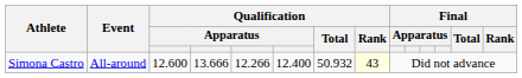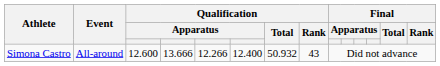 <table class="wikitable" style="font-size:90%">
 <tr>
 <th rowspan=3>Athlete</th>
 <th rowspan=3>Event</th>
 <th colspan =6>Qualification</th>
 <th colspan =6>Final</th>
 </tr>
 <tr style="font-size:95%">
 <th colspan=4>Apparatus</th>
 <th rowspan=2>Total</th>
 <th rowspan=2>Rank</th>
 <th colspan=4>Apparatus</th>
 <th rowspan=2>Total</th>
 <th rowspan=2>Rank</th>
 </tr>
 <tr style="font-size:95%">
 <th></th>
 <th></th>
 <th></th>
 <th></th>
 <th></th>
 <th></th>
 <th></th>
 <th></th>
 </tr>
 <tr align=center>
 <td align=left><a href='#'>Simona Castro</a></td>
 <td align=left><a href='#'>All-around</a></td>
 <td>12.600</td>
 <td>13.666</td>
 <td>12.266</td>
 <td>12.400</td>
 <td>50.932</td>
-<td style="background: lightyellow;">43</td>
+<td>43</td>
 <td colspan=6>Did not advance</td>
 </tr>
 </table>
